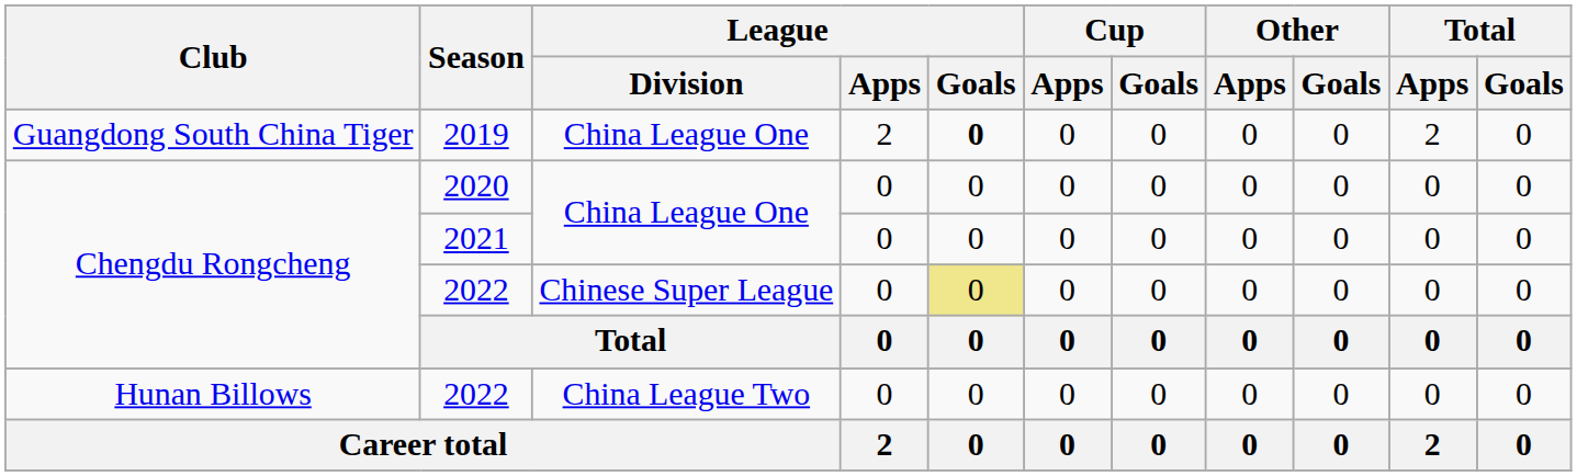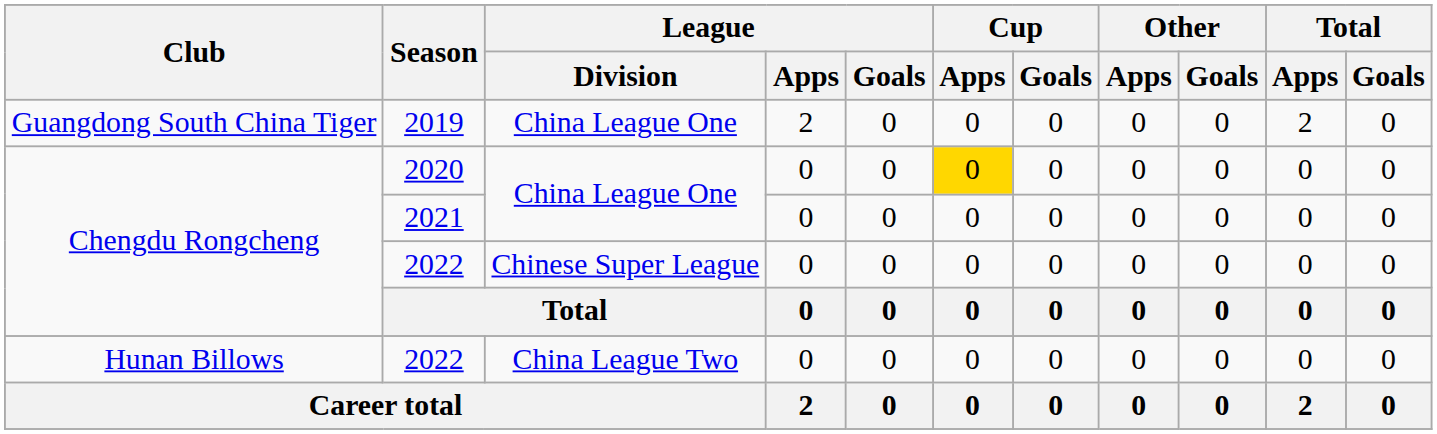 <table class="wikitable" style="text-align: center;">
 <tr>
 <th rowspan=2>Club</th>
 <th rowspan=2>Season</th>
 <th colspan=3>League</th>
 <th colspan=2>Cup</th>
 <th colspan=2>Other</th>
 <th colspan=2>Total</th>
 </tr>
 <tr>
 <th>Division</th>
 <th>Apps</th>
 <th>Goals</th>
 <th>Apps</th>
 <th>Goals</th>
 <th>Apps</th>
 <th>Goals</th>
 <th>Apps</th>
 <th>Goals</th>
 </tr>
 <tr>
 <td><a href='#'>Guangdong South China Tiger</a></td>
 <td><a href='#'>2019</a></td>
 <td><a href='#'>China League One</a></td>
 <td>2</td>
-<td><strong>0</strong></td>
+<td>0</td>
 <td>0</td>
 <td>0</td>
 <td>0</td>
 <td>0</td>
 <td>2</td>
 <td>0</td>
 </tr>
 <tr>
 <td rowspan=4><a href='#'>Chengdu Rongcheng</a></td>
 <td><a href='#'>2020</a></td>
 <td rowspan=2><a href='#'>China League One</a></td>
 <td>0</td>
 <td>0</td>
-<td>0</td>
+<td style="background: gold;">0</td>
 <td>0</td>
 <td>0</td>
 <td>0</td>
 <td>0</td>
 <td>0</td>
 </tr>
 <tr>
 <td><a href='#'>2021</a></td>
 <td>0</td>
 <td>0</td>
 <td>0</td>
 <td>0</td>
 <td>0</td>
 <td>0</td>
 <td>0</td>
 <td>0</td>
 </tr>
 <tr>
 <td><a href='#'>2022</a></td>
 <td><a href='#'>Chinese Super League</a></td>
 <td>0</td>
-<td style="background: khaki;">0</td>
+<td>0</td>
 <td>0</td>
 <td>0</td>
 <td>0</td>
 <td>0</td>
 <td>0</td>
 <td>0</td>
 </tr>
 <tr>
 <th colspan=2>Total</th>
 <th>0</th>
 <th>0</th>
 <th>0</th>
 <th>0</th>
 <th>0</th>
 <th>0</th>
 <th>0</th>
 <th>0</th>
 </tr>
 <tr>
 <td><a href='#'>Hunan Billows</a></td>
 <td><a href='#'>2022</a></td>
 <td><a href='#'>China League Two</a></td>
 <td>0</td>
 <td>0</td>
 <td>0</td>
 <td>0</td>
 <td>0</td>
 <td>0</td>
 <td>0</td>
 <td>0</td>
 </tr>
 <tr>
 <th colspan=3>Career total</th>
 <th>2</th>
 <th>0</th>
 <th>0</th>
 <th>0</th>
 <th>0</th>
 <th>0</th>
 <th>2</th>
 <th>0</th>
 </tr>
 </table>
